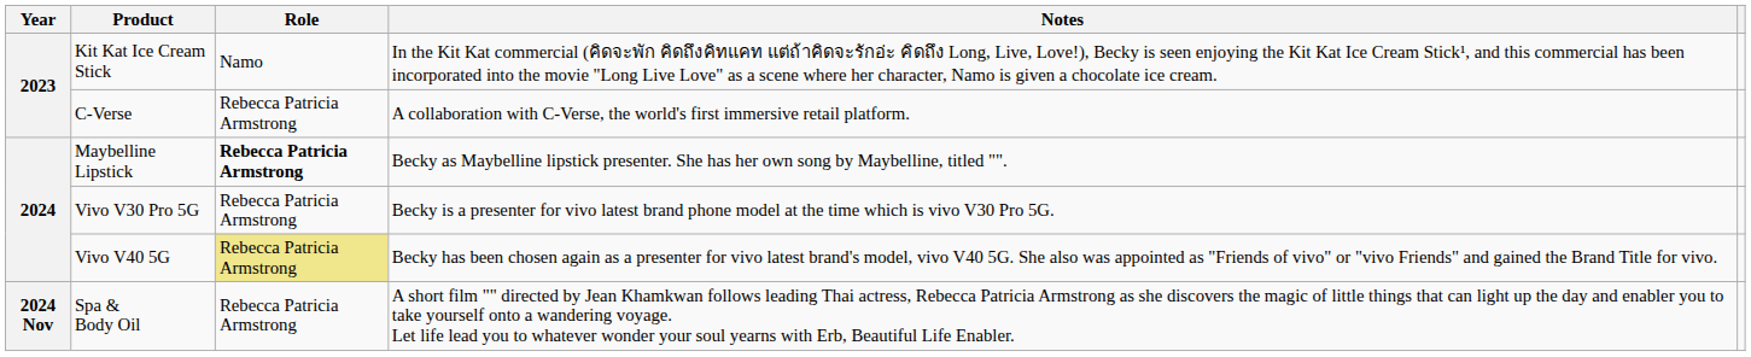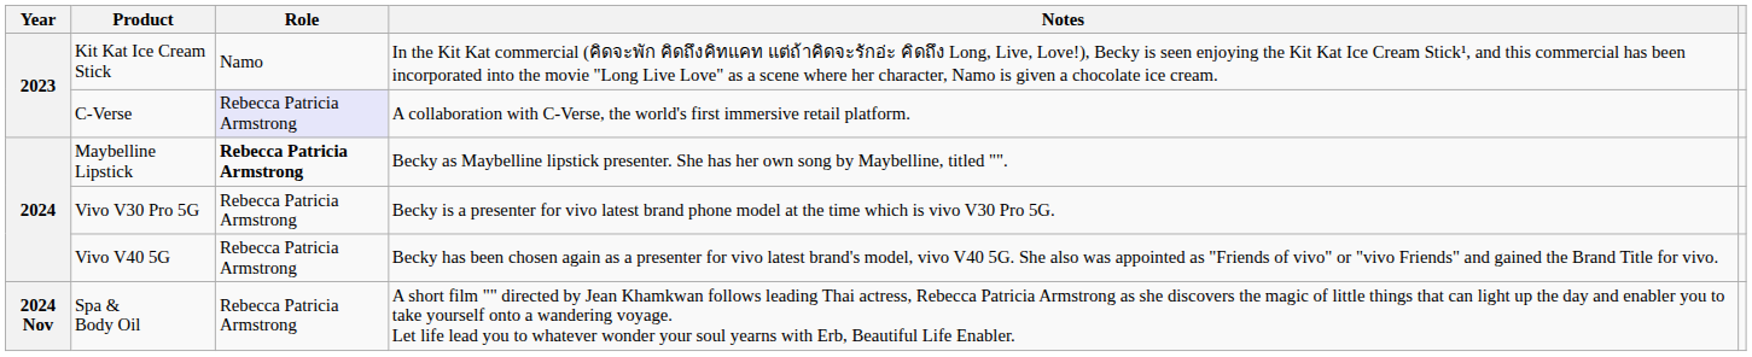 <table class="wikitable sortable plainrowheaders">
 <tr>
 <th scope="col">Year</th>
 <th scope="col">Product</th>
 <th scope="col">Role</th>
 <th scope="col" class="unsortable">Notes</th>
 <th scope="col" class="unsortable"></th>
 </tr>
 <tr>
 <th rowspan="2" scope="row">2023</th>
 <td>Kit Kat Ice Cream Stick</td>
 <td>Namo</td>
 <td>In the Kit Kat commercial (คิดจะพัก คิดถึงคิทแคท แต่ถ้าคิดจะรักอ่ะ คิดถึง Long, Live, Love!), Becky is seen enjoying the Kit Kat Ice Cream Stick¹, and this commercial has been incorporated into the movie "Long Live Love" as a scene where her character, Namo is given a chocolate ice cream.</td>
 <td></td>
 </tr>
 <tr>
 <td>C-Verse</td>
-<td>Rebecca Patricia Armstrong</td>
+<td style="background: lavender;">Rebecca Patricia Armstrong</td>
 <td>A collaboration with C-Verse, the world's first immersive retail platform.</td>
 <td></td>
 </tr>
 <tr>
 <th rowspan="3">2024</th>
 <td>Maybelline Lipstick</td>
 <td><strong>Rebecca Patricia Armstrong</strong></td>
 <td>Becky as Maybelline lipstick presenter. She has her own song by Maybelline, titled "".</td>
 <td></td>
 </tr>
 <tr>
 <td>Vivo V30 Pro 5G</td>
 <td>Rebecca Patricia Armstrong</td>
 <td>Becky is a presenter for vivo latest brand phone model at the time which is vivo V30 Pro 5G.</td>
 <td></td>
 </tr>
 <tr>
 <td>Vivo V40 5G</td>
-<td style="background: khaki;">Rebecca Patricia Armstrong</td>
+<td>Rebecca Patricia Armstrong</td>
 <td>Becky has been chosen again as a presenter for vivo latest brand's model, vivo V40 5G. She also was appointed as "Friends of vivo" or "vivo Friends" and gained the Brand Title for vivo.</td>
 <td></td>
 </tr>
 <tr>
 <th>2024 Nov</th>
 <td>Spa &<br>Body Oil</td>
 <td>Rebecca Patricia Armstrong</td>
 <td>A short film "" directed by Jean Khamkwan follows leading Thai actress, Rebecca Patricia Armstrong  as she discovers the magic of little things that can light up the day and enabler you to take yourself onto a wandering voyage.<br>Let life lead you to whatever wonder your soul yearns with Erb, Beautiful Life Enabler.</td>
 <td></td>
 </tr>
 </table>
